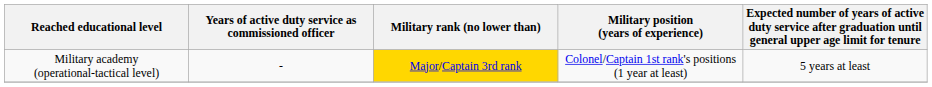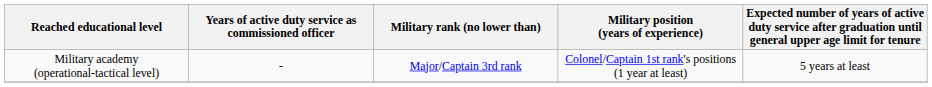 <table class="wikitable">
 <tr>
 <th style="text-align: center; width: 250px;">Reached educational level</th>
 <th style="text-align: center; width: 250px;">Years of active duty service as commissioned officer</th>
 <th style="text-align: center; width: 250px;">Military rank (no lower than)</th>
 <th style="text-align: center; width: 250px;">Military position<br>(years of experience)</th>
 <th style="text-align: center; width: 250px;">Expected number of years of active duty service after graduation until general upper age limit for tenure</th>
 </tr>
 <tr>
 <td style="text-align: center; width: 250px;">Military academy<br>(operational-tactical level)</td>
 <td style="text-align: center; width: 250px;">-</td>
-<td style="background: gold; text-align: center; width: 250px;"><a href='#'>Major</a>/<a href='#'>Captain 3rd rank</a></td>
+<td style="text-align: center; width: 250px;"><a href='#'>Major</a>/<a href='#'>Captain 3rd rank</a></td>
 <td style="text-align: center; width: 250px;"><a href='#'>Colonel</a>/<a href='#'>Captain 1st rank</a>'s positions<br>(1 year at least)</td>
 <td style="text-align: center; width: 250px;">5 years at least</td>
 </tr>
 <tr>
 </tr>
 </table>
